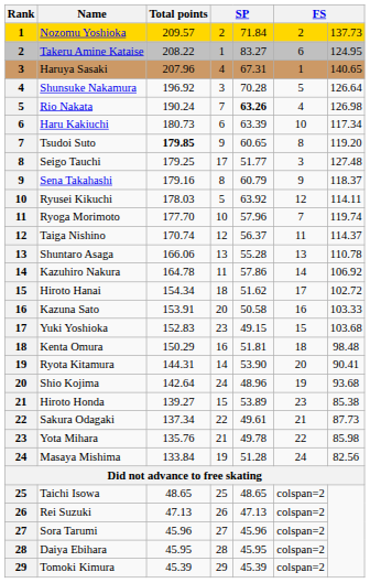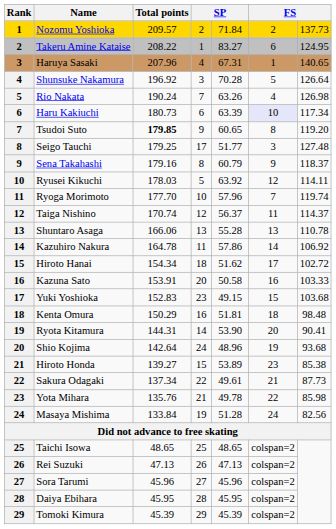 <table class="wikitable sortable">
 <tr>
 <th>Rank</th>
 <th>Name</th>
 <th>Total points</th>
 <th colspan="2" width="80px"><a href='#'>SP</a></th>
 <th colspan="2" width="80px"><a href='#'>FS</a></th>
 </tr>
 <tr bgcolor="gold">
 <td align="center"><strong>1</strong></td>
 <td><a href='#'>Nozomu Yoshioka</a></td>
 <td align="center">209.57</td>
 <td align="center">2</td>
 <td align="center">71.84</td>
 <td align="center">2</td>
 <td align="center">137.73</td>
 </tr>
 <tr bgcolor="silver">
 <td align="center"><strong>2</strong></td>
 <td><a href='#'>Takeru Amine Kataise</a></td>
 <td align="center">208.22</td>
 <td align="center">1</td>
 <td align="center">83.27</td>
 <td align="center">6</td>
 <td align="center">124.95</td>
 </tr>
 <tr bgcolor="cc9966">
 <td align="center"><strong>3</strong></td>
 <td>Haruya Sasaki</td>
 <td align="center">207.96</td>
 <td align="center">4</td>
 <td align="center">67.31</td>
 <td align="center">1</td>
 <td align="center">140.65</td>
 </tr>
 <tr>
 <th>4</th>
 <td><a href='#'>Shunsuke Nakamura</a></td>
 <td align="center">196.92</td>
 <td align="center">3</td>
 <td align="center">70.28</td>
 <td align="center">5</td>
 <td align="center">126.64</td>
 </tr>
 <tr>
 <th>5</th>
 <td><a href='#'>Rio Nakata</a></td>
 <td align="center">190.24</td>
 <td align="center">7</td>
-<td align="center"><strong>63.26</strong></td>
+<td align="center">63.26</td>
 <td align="center">4</td>
 <td align="center">126.98</td>
 </tr>
 <tr>
 <th>6</th>
 <td><a href='#'>Haru Kakiuchi</a></td>
 <td align="center">180.73</td>
 <td align="center">6</td>
 <td align="center">63.39</td>
-<td align="center">10</td>
+<td align="center" style="background: lavender;">10</td>
 <td align="center">117.34</td>
 </tr>
 <tr>
 <th>7</th>
 <td>Tsudoi Suto</td>
 <td align="center"><strong>179.85</strong></td>
 <td align="center">9</td>
 <td align="center">60.65</td>
 <td align="center">8</td>
 <td align="center">119.20</td>
 </tr>
 <tr>
 <th>8</th>
 <td>Seigo Tauchi</td>
 <td align="center">179.25</td>
 <td align="center">17</td>
 <td align="center">51.77</td>
 <td align="center">3</td>
 <td align="center">127.48</td>
 </tr>
 <tr>
 <th>9</th>
 <td><a href='#'>Sena Takahashi</a></td>
 <td align="center">179.16</td>
 <td align="center">8</td>
 <td align="center">60.79</td>
 <td align="center">9</td>
 <td align="center">118.37</td>
 </tr>
 <tr>
 <th>10</th>
 <td>Ryusei Kikuchi</td>
 <td align="center">178.03</td>
 <td align="center">5</td>
 <td align="center">63.92</td>
 <td align="center">12</td>
 <td align="center">114.11</td>
 </tr>
 <tr>
 <th>11</th>
 <td>Ryoga Morimoto</td>
 <td align="center">177.70</td>
 <td align="center">10</td>
 <td align="center">57.96</td>
 <td align="center">7</td>
 <td align="center">119.74</td>
 </tr>
 <tr>
 <th>12</th>
 <td>Taiga Nishino</td>
 <td align="center">170.74</td>
 <td align="center">12</td>
 <td align="center">56.37</td>
 <td align="center">11</td>
 <td align="center">114.37</td>
 </tr>
 <tr>
 <th>13</th>
 <td>Shuntaro Asaga</td>
 <td align="center">166.06</td>
 <td align="center">13</td>
 <td align="center">55.28</td>
 <td align="center">13</td>
 <td align="center">110.78</td>
 </tr>
 <tr>
 <th>14</th>
 <td>Kazuhiro Nakura</td>
 <td align="center">164.78</td>
 <td align="center">11</td>
 <td align="center">57.86</td>
 <td align="center">14</td>
 <td align="center">106.92</td>
 </tr>
 <tr>
 <th>15</th>
 <td>Hiroto Hanai</td>
 <td align="center">154.34</td>
 <td align="center">18</td>
 <td align="center">51.62</td>
 <td align="center">17</td>
 <td align="center">102.72</td>
 </tr>
 <tr>
 <th>16</th>
 <td>Kazuna Sato</td>
 <td align="center">153.91</td>
 <td align="center">20</td>
 <td align="center">50.58</td>
 <td align="center">16</td>
 <td align="center">103.33</td>
 </tr>
 <tr>
 <th>17</th>
 <td>Yuki Yoshioka</td>
 <td align="center">152.83</td>
 <td align="center">23</td>
 <td align="center">49.15</td>
 <td align="center">15</td>
 <td align="center">103.68</td>
 </tr>
 <tr>
 <th>18</th>
 <td>Kenta Omura</td>
 <td align="center">150.29</td>
 <td align="center">16</td>
 <td align="center">51.81</td>
 <td align="center">18</td>
 <td align="center">98.48</td>
 </tr>
 <tr>
 <th>19</th>
 <td>Ryota Kitamura</td>
 <td align="center">144.31</td>
 <td align="center">14</td>
 <td align="center">53.90</td>
 <td align="center">20</td>
 <td align="center">90.41</td>
 </tr>
 <tr>
 <th>20</th>
 <td>Shio Kojima</td>
 <td align="center">142.64</td>
 <td align="center">24</td>
 <td align="center">48.96</td>
 <td align="center">19</td>
 <td align="center">93.68</td>
 </tr>
 <tr>
 <th>21</th>
 <td>Hiroto Honda</td>
 <td align="center">139.27</td>
 <td align="center">15</td>
 <td align="center">53.89</td>
 <td align="center">23</td>
 <td align="center">85.38</td>
 </tr>
 <tr>
 <th>22</th>
 <td>Sakura Odagaki</td>
 <td align="center">137.34</td>
 <td align="center">22</td>
 <td align="center">49.61</td>
 <td align="center">21</td>
 <td align="center">87.73</td>
 </tr>
 <tr>
 <th>23</th>
 <td>Yota Mihara</td>
 <td align="center">135.76</td>
 <td align="center">21</td>
 <td align="center">49.78</td>
 <td align="center">22</td>
 <td align="center">85.98</td>
 </tr>
 <tr>
 <th>24</th>
 <td>Masaya Mishima</td>
 <td align="center">133.84</td>
 <td align="center">19</td>
 <td align="center">51.28</td>
 <td align="center">24</td>
 <td align="center">82.56</td>
 </tr>
 <tr>
 <th colspan=8>Did not advance to free skating</th>
 </tr>
 <tr>
 <th>25</th>
 <td>Taichi Isowa</td>
 <td align="center">48.65</td>
 <td align="center">25</td>
 <td align="center">48.65</td>
 <td>colspan=2 </td>
 </tr>
 <tr>
 <th>26</th>
 <td>Rei Suzuki</td>
 <td align="center">47.13</td>
 <td align="center">26</td>
 <td align="center">47.13</td>
 <td>colspan=2 </td>
 </tr>
 <tr>
 <th>27</th>
 <td>Sora Tarumi</td>
 <td align="center">45.96</td>
 <td align="center">27</td>
 <td align="center">45.96</td>
 <td>colspan=2 </td>
 </tr>
 <tr>
 <th>28</th>
 <td>Daiya Ebihara</td>
 <td align="center">45.95</td>
 <td align="center">28</td>
 <td align="center">45.95</td>
 <td>colspan=2 </td>
 </tr>
 <tr>
 <th>29</th>
 <td>Tomoki Kimura</td>
 <td align="center">45.39</td>
 <td align="center">29</td>
 <td align="center">45.39</td>
 <td>colspan=2 </td>
 </tr>
 </table>
